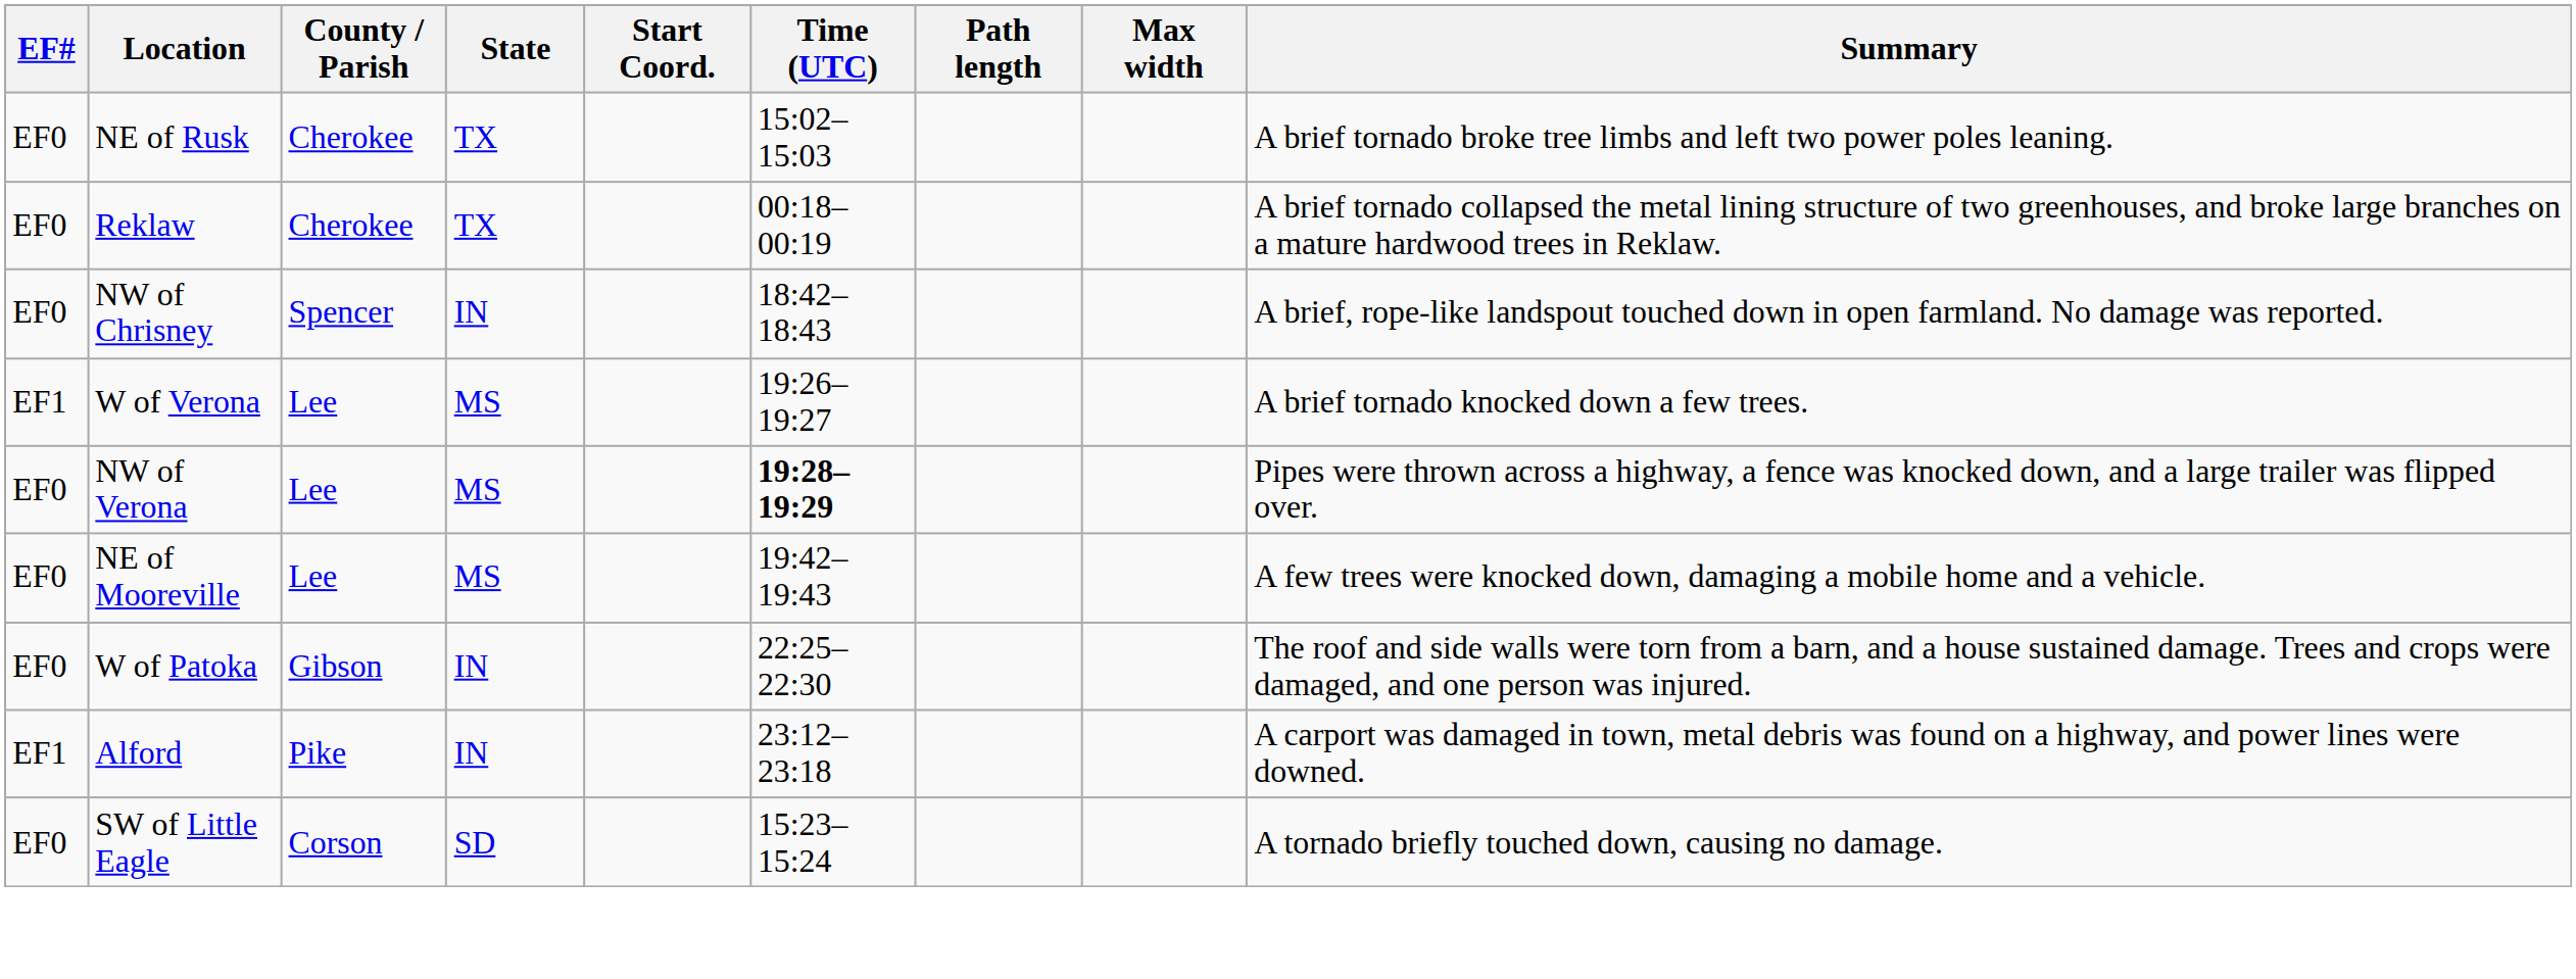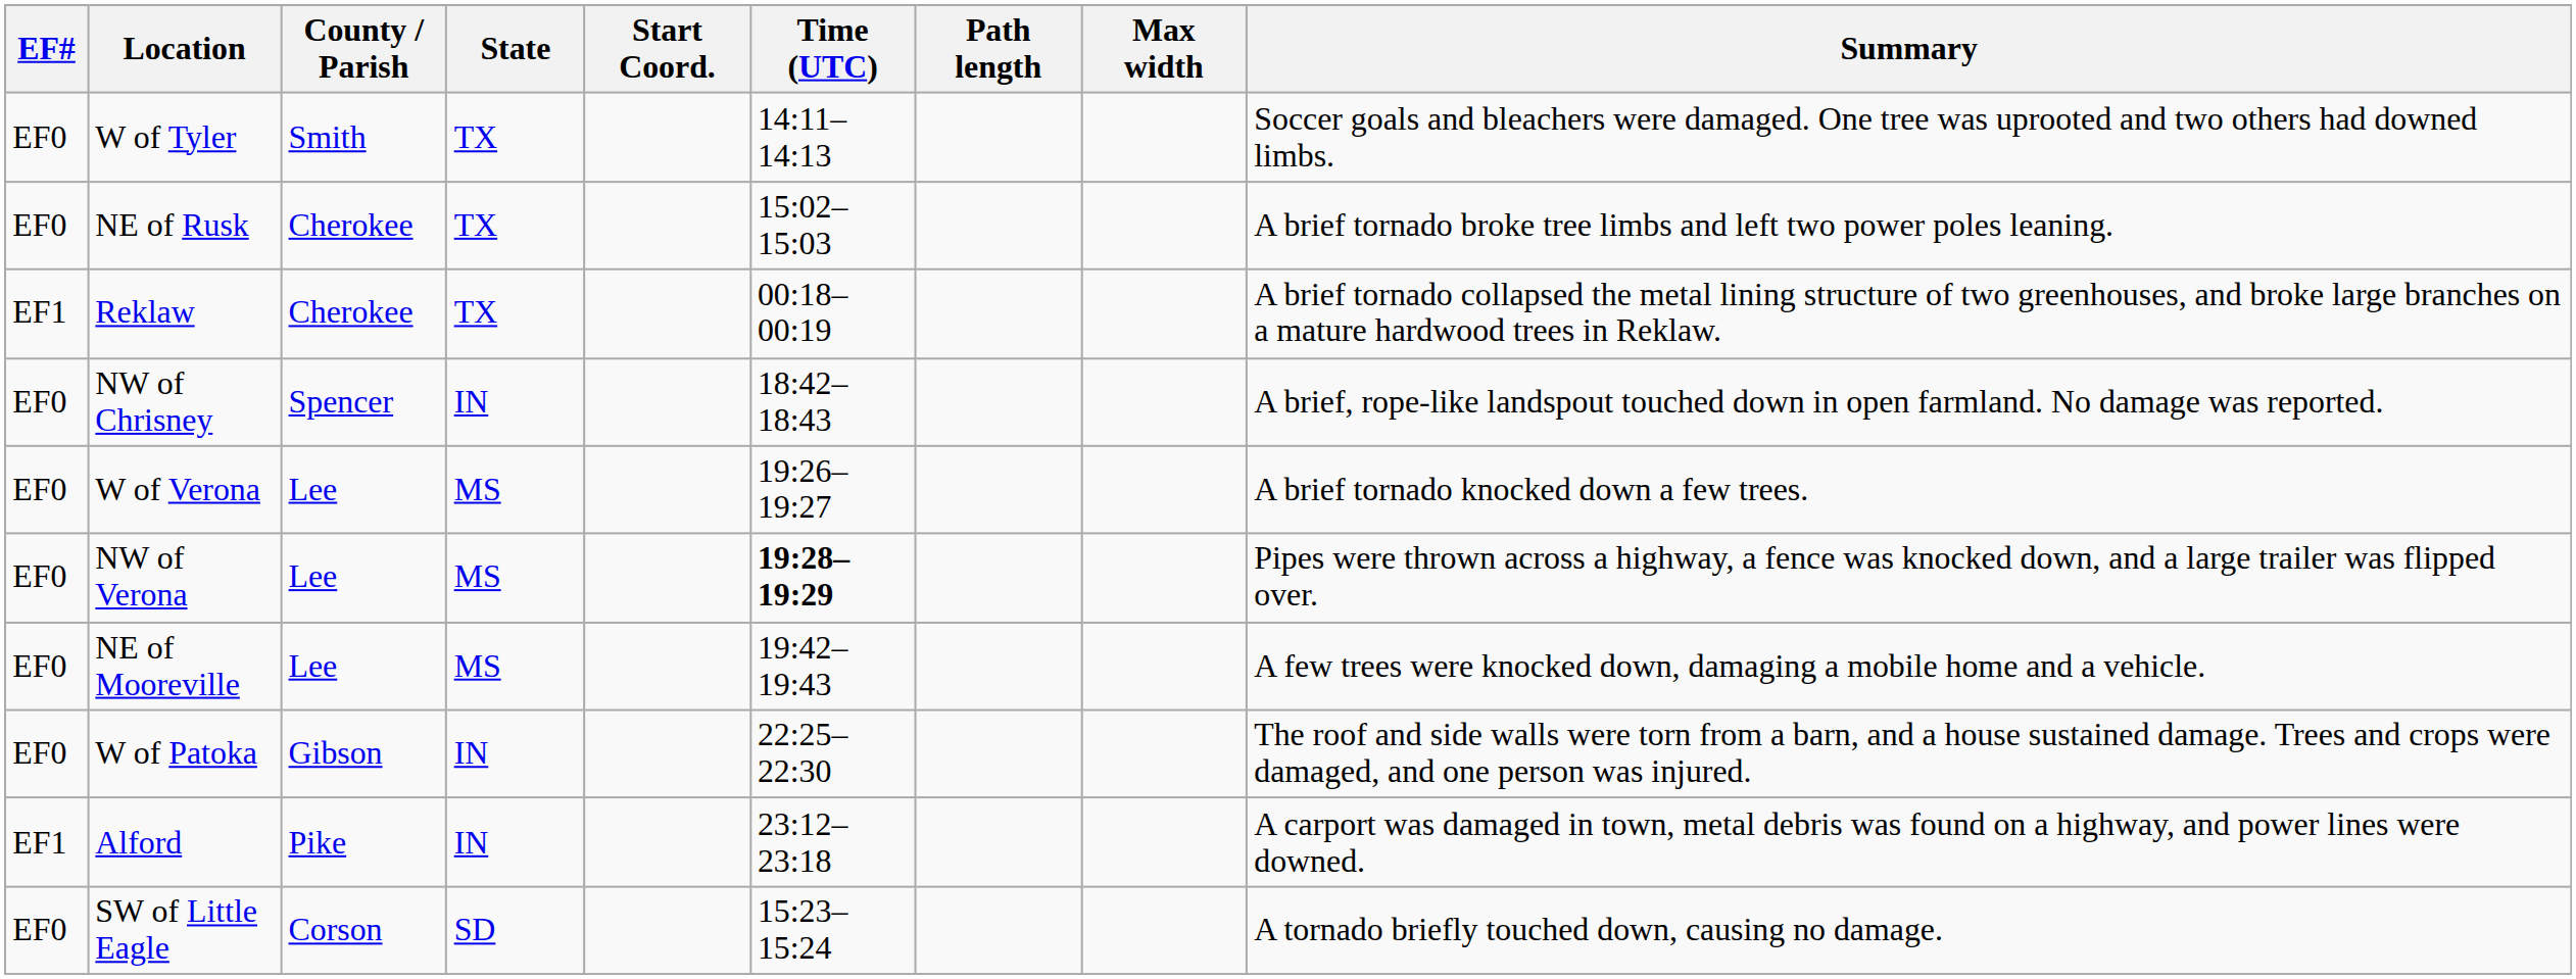 <table class="wikitable sortable" style="width:100%;">
 <tr>
 <th scope="col"  style="width:3%; text-align:center;"><a href='#'>EF#</a></th>
 <th scope="col"  style="width:7%; text-align:center;" class="unsortable">Location</th>
 <th scope="col"  style="width:6%; text-align:center;" class="unsortable">County / Parish</th>
 <th scope="col"  style="width:5%; text-align:center;">State</th>
 <th scope="col"  style="width:6%; text-align:center;">Start Coord.</th>
 <th scope="col"  style="width:6%; text-align:center;">Time (<a href='#'>UTC</a>)</th>
 <th scope="col"  style="width:6%; text-align:center;">Path length</th>
 <th scope="col"  style="width:6%; text-align:center;">Max width</th>
 <th scope="col" class="unsortable" style="width:48%; text-align:center;">Summary</th>
 </tr>
 <tr>
 <td>EF0</td>
+<td>W of <a href='#'>Tyler</a></td>
+<td><a href='#'>Smith</a></td>
+<td><a href='#'>TX</a></td>
+<td></td>
+<td>14:11–14:13</td>
+<td></td>
+<td></td>
+<td>Soccer goals and bleachers were damaged. One tree was uprooted and two others had downed limbs.</td>
+</tr>
+<tr>
+<td>EF0</td>
 <td>NE of <a href='#'>Rusk</a></td>
 <td><a href='#'>Cherokee</a></td>
 <td><a href='#'>TX</a></td>
 <td></td>
 <td>15:02–15:03</td>
 <td></td>
 <td></td>
 <td>A brief tornado broke tree limbs and left two power poles leaning.</td>
 </tr>
 <tr>
-<td>EF0</td>
+<td>EF1</td>
 <td><a href='#'>Reklaw</a></td>
 <td><a href='#'>Cherokee</a></td>
 <td><a href='#'>TX</a></td>
 <td></td>
 <td>00:18–00:19</td>
 <td></td>
 <td></td>
 <td>A brief tornado collapsed the metal lining structure of two greenhouses, and broke large branches on a mature hardwood trees in Reklaw.</td>
 </tr>
 <tr>
 <td>EF0</td>
 <td>NW of <a href='#'>Chrisney</a></td>
 <td><a href='#'>Spencer</a></td>
 <td><a href='#'>IN</a></td>
 <td></td>
 <td>18:42–18:43</td>
 <td></td>
 <td></td>
 <td>A brief, rope-like landspout touched down in open farmland. No damage was reported.</td>
 </tr>
 <tr>
-<td>EF1</td>
+<td>EF0</td>
 <td>W of <a href='#'>Verona</a></td>
 <td><a href='#'>Lee</a></td>
 <td><a href='#'>MS</a></td>
 <td></td>
 <td>19:26–19:27</td>
 <td></td>
 <td></td>
 <td>A brief tornado knocked down a few trees.</td>
 </tr>
 <tr>
 <td>EF0</td>
 <td>NW of <a href='#'>Verona</a></td>
 <td><a href='#'>Lee</a></td>
 <td><a href='#'>MS</a></td>
 <td></td>
 <td><strong>19:28–19:29</strong></td>
 <td></td>
 <td></td>
 <td>Pipes were thrown across a highway, a fence was knocked down, and a large trailer was flipped over.</td>
 </tr>
 <tr>
 <td>EF0</td>
 <td>NE of <a href='#'>Mooreville</a></td>
 <td><a href='#'>Lee</a></td>
 <td><a href='#'>MS</a></td>
 <td></td>
 <td>19:42–19:43</td>
 <td></td>
 <td></td>
 <td>A few trees were knocked down, damaging a mobile home and a vehicle.</td>
 </tr>
 <tr>
 <td>EF0</td>
 <td>W of <a href='#'>Patoka</a></td>
 <td><a href='#'>Gibson</a></td>
 <td><a href='#'>IN</a></td>
 <td></td>
 <td>22:25–22:30</td>
 <td></td>
 <td></td>
 <td>The roof and side walls were torn from a barn, and a house sustained damage. Trees and crops were damaged, and one person was injured.</td>
 </tr>
 <tr>
 <td>EF1</td>
 <td><a href='#'>Alford</a></td>
 <td><a href='#'>Pike</a></td>
 <td><a href='#'>IN</a></td>
 <td></td>
 <td>23:12–23:18</td>
 <td></td>
 <td></td>
 <td>A carport was damaged in town, metal debris was found on a highway, and power lines were downed.</td>
 </tr>
 <tr>
 <td>EF0</td>
 <td>SW of <a href='#'>Little Eagle</a></td>
 <td><a href='#'>Corson</a></td>
 <td><a href='#'>SD</a></td>
 <td></td>
 <td>15:23–15:24</td>
 <td></td>
 <td></td>
 <td>A tornado briefly touched down, causing no damage.</td>
 </tr>
 <tr>
 </tr>
 </table>
